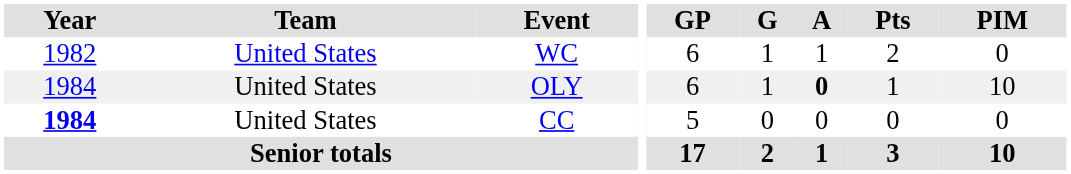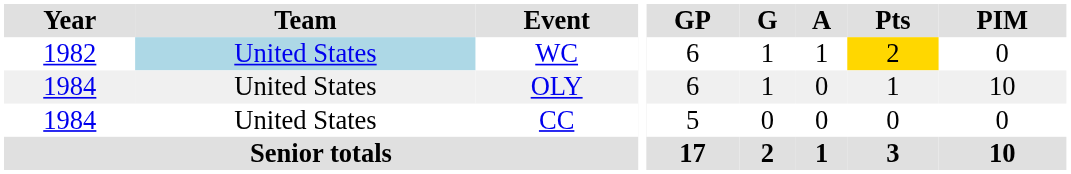 <table border="0" cellpadding="1" cellspacing="0" ID="Table3" style="text-align:center; width:40em">
 <tr bgcolor="#e0e0e0">
 <th>Year</th>
 <th>Team</th>
 <th>Event</th>
 <th rowspan="102" bgcolor="#ffffff"></th>
 <th>GP</th>
 <th>G</th>
 <th>A</th>
 <th>Pts</th>
 <th>PIM</th>
 </tr>
 <tr>
 <td><a href='#'>1982</a></td>
-<td><a href='#'>United States</a></td>
+<td style="background: lightblue;"><a href='#'>United States</a></td>
 <td><a href='#'>WC</a></td>
 <td>6</td>
 <td>1</td>
 <td>1</td>
-<td>2</td>
+<td style="background: gold;">2</td>
 <td>0</td>
 </tr>
 <tr bgcolor="#f0f0f0">
 <td><a href='#'>1984</a></td>
 <td>United States</td>
 <td><a href='#'>OLY</a></td>
 <td>6</td>
 <td>1</td>
-<td><strong>0</strong></td>
+<td>0</td>
 <td>1</td>
 <td>10</td>
 </tr>
 <tr>
-<td><strong><a href='#'>1984</a></strong></td>
+<td><a href='#'>1984</a></td>
 <td>United States</td>
 <td><a href='#'>CC</a></td>
 <td>5</td>
 <td>0</td>
 <td>0</td>
 <td>0</td>
 <td>0</td>
 </tr>
 <tr bgcolor="#e0e0e0">
 <th colspan="3">Senior totals</th>
 <th>17</th>
 <th>2</th>
 <th>1</th>
 <th>3</th>
 <th>10</th>
 </tr>
 </table>
